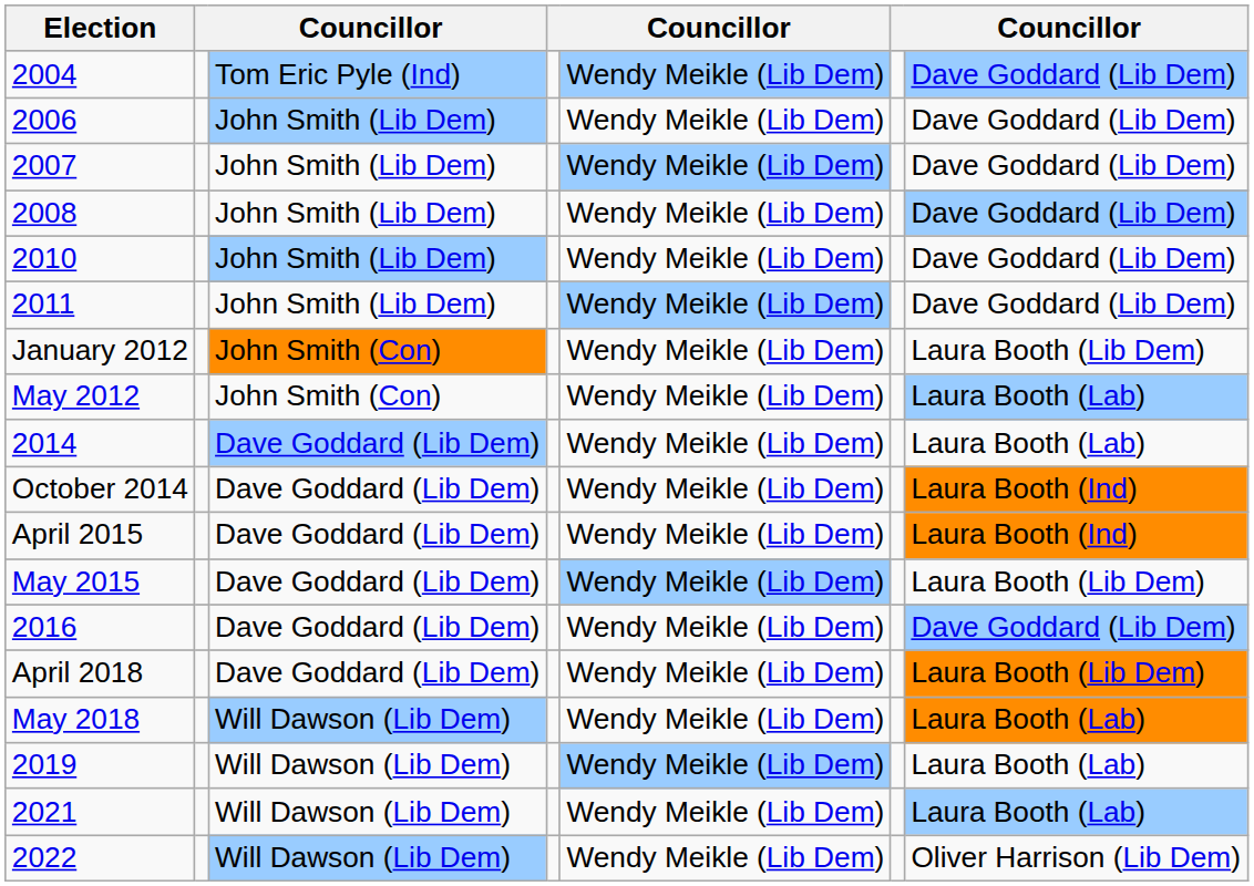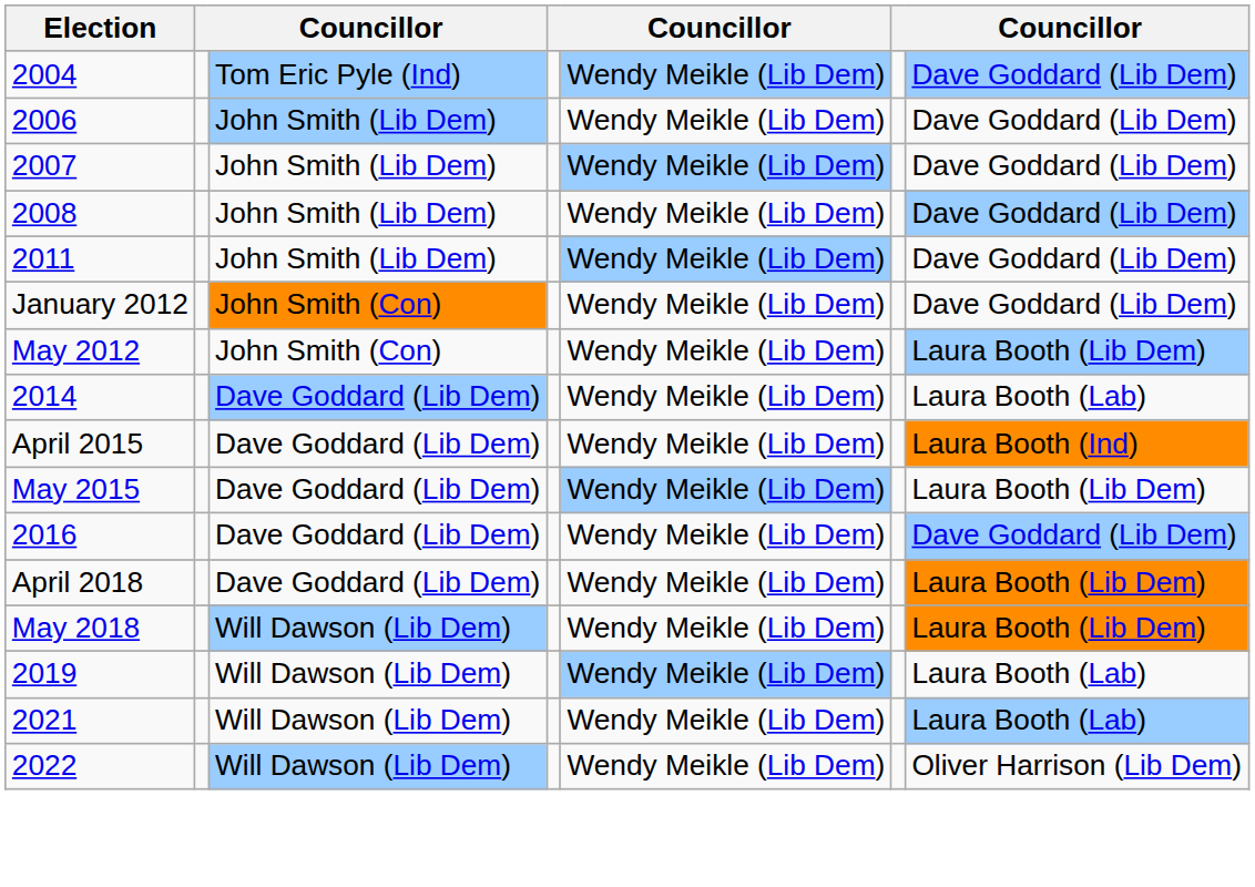 <table class="wikitable">
 <tr>
 <th>Election</th>
 <th colspan="2">Councillor</th>
 <th colspan="2">Councillor</th>
 <th colspan="2">Councillor</th>
 </tr>
 <tr>
 <td><a href='#'>2004</a></td>
 <td style="background-color: "></td>
 <td bgcolor="#99CCFF">Tom Eric Pyle (<a href='#'>Ind</a>)</td>
 <td style="background-color: "></td>
 <td bgcolor="#99CCFF">Wendy Meikle (<a href='#'>Lib Dem</a>)</td>
 <td style="background-color: "></td>
 <td bgcolor="#99CCFF"><a href='#'>Dave Goddard</a> (<a href='#'>Lib Dem</a>)</td>
 </tr>
 <tr>
 <td><a href='#'>2006</a></td>
 <td style="background-color: "></td>
 <td bgcolor="#99CCFF">John Smith (<a href='#'>Lib Dem</a>)</td>
 <td style="background-color: "></td>
 <td>Wendy Meikle (<a href='#'>Lib Dem</a>)</td>
 <td style="background-color: "></td>
 <td>Dave Goddard (<a href='#'>Lib Dem</a>)</td>
 </tr>
 <tr>
 <td><a href='#'>2007</a></td>
 <td style="background-color: "></td>
 <td>John Smith (<a href='#'>Lib Dem</a>)</td>
 <td style="background-color: "></td>
 <td bgcolor="#99CCFF">Wendy Meikle (<a href='#'>Lib Dem</a>)</td>
 <td style="background-color: "></td>
 <td>Dave Goddard (<a href='#'>Lib Dem</a>)</td>
 </tr>
 <tr>
 <td><a href='#'>2008</a></td>
 <td style="background-color: "></td>
 <td>John Smith (<a href='#'>Lib Dem</a>)</td>
 <td style="background-color: "></td>
 <td>Wendy Meikle (<a href='#'>Lib Dem</a>)</td>
 <td style="background-color: "></td>
 <td bgcolor="#99CCFF">Dave Goddard (<a href='#'>Lib Dem</a>)</td>
 </tr>
 <tr>
-<td><a href='#'>2010</a></td>
-<td style="background-color: "></td>
-<td bgcolor="#99CCFF">John Smith (<a href='#'>Lib Dem</a>)</td>
-<td style="background-color: "></td>
-<td>Wendy Meikle (<a href='#'>Lib Dem</a>)</td>
-<td style="background-color: "></td>
-<td>Dave Goddard (<a href='#'>Lib Dem</a>)</td>
-</tr>
-<tr>
 <td><a href='#'>2011</a></td>
 <td style="background-color: "></td>
 <td>John Smith (<a href='#'>Lib Dem</a>)</td>
 <td style="background-color: "></td>
 <td bgcolor="#99CCFF">Wendy Meikle (<a href='#'>Lib Dem</a>)</td>
 <td style="background-color: "></td>
 <td>Dave Goddard (<a href='#'>Lib Dem</a>)</td>
 </tr>
 <tr>
 <td>January 2012</td>
 <td style="background-color: "></td>
 <td bgcolor="#FF8C00">John Smith (<a href='#'>Con</a>)</td>
 <td style="background-color: "></td>
 <td>Wendy Meikle (<a href='#'>Lib Dem</a>)</td>
 <td style="background-color: "></td>
-<td>Laura Booth (<a href='#'>Lib Dem</a>)</td>
+<td>Dave Goddard (<a href='#'>Lib Dem</a>)</td>
 </tr>
 <tr>
 <td><a href='#'>May 2012</a></td>
 <td style="background-color: "></td>
 <td>John Smith (<a href='#'>Con</a>)</td>
 <td style="background-color: "></td>
 <td>Wendy Meikle (<a href='#'>Lib Dem</a>)</td>
 <td style="background-color: "></td>
-<td bgcolor="#99CCFF">Laura Booth (<a href='#'>Lab</a>)</td>
+<td bgcolor="#99CCFF">Laura Booth (<a href='#'>Lib Dem</a>)</td>
 </tr>
 <tr>
 <td><a href='#'>2014</a></td>
 <td style="background-color: "></td>
 <td bgcolor="#99CCFF"><a href='#'>Dave Goddard</a> (<a href='#'>Lib Dem</a>)</td>
 <td style="background-color: "></td>
 <td>Wendy Meikle (<a href='#'>Lib Dem</a>)</td>
 <td style="background-color: "></td>
 <td>Laura Booth (<a href='#'>Lab</a>)</td>
-</tr>
-<tr>
-<td>October 2014</td>
-<td style="background-color: "></td>
-<td>Dave Goddard (<a href='#'>Lib Dem</a>)</td>
-<td style="background-color: "></td>
-<td>Wendy Meikle (<a href='#'>Lib Dem</a>)</td>
-<td style="background-color: "></td>
-<td bgcolor="#FF8C00">Laura Booth (<a href='#'>Ind</a>)</td>
 </tr>
 <tr>
 <td>April 2015</td>
 <td style="background-color: "></td>
 <td>Dave Goddard (<a href='#'>Lib Dem</a>)</td>
 <td style="background-color: "></td>
 <td>Wendy Meikle (<a href='#'>Lib Dem</a>)</td>
 <td style="background-color: "></td>
 <td bgcolor="#FF8C00">Laura Booth (<a href='#'>Ind</a>)</td>
 </tr>
 <tr>
 <td><a href='#'>May 2015</a></td>
 <td style="background-color: "></td>
 <td>Dave Goddard (<a href='#'>Lib Dem</a>)</td>
 <td style="background-color: "></td>
 <td bgcolor="#99CCFF">Wendy Meikle (<a href='#'>Lib Dem</a>)</td>
 <td style="background-color: "></td>
 <td>Laura Booth (<a href='#'>Lib Dem</a>)</td>
 </tr>
 <tr>
 <td><a href='#'>2016</a></td>
 <td style="background-color: "></td>
 <td>Dave Goddard (<a href='#'>Lib Dem</a>)</td>
 <td style="background-color: "></td>
 <td>Wendy Meikle (<a href='#'>Lib Dem</a>)</td>
 <td style="background-color: "></td>
 <td bgcolor="#99CCFF"><a href='#'>Dave Goddard</a> (<a href='#'>Lib Dem</a>)</td>
 </tr>
 <tr>
 <td>April 2018</td>
 <td style="background-color: "></td>
 <td>Dave Goddard (<a href='#'>Lib Dem</a>)</td>
 <td style="background-color: "></td>
 <td>Wendy Meikle (<a href='#'>Lib Dem</a>)</td>
 <td style="background-color: "></td>
 <td bgcolor="#FF8C00">Laura Booth (<a href='#'>Lib Dem</a>)</td>
 </tr>
 <tr>
 <td><a href='#'>May 2018</a></td>
 <td style="background-color: "></td>
 <td bgcolor="#99CCFF">Will Dawson (<a href='#'>Lib Dem</a>)</td>
 <td style="background-color: "></td>
 <td>Wendy Meikle (<a href='#'>Lib Dem</a>)</td>
 <td style="background-color: "></td>
-<td bgcolor="#FF8C00">Laura Booth (<a href='#'>Lab</a>)</td>
+<td bgcolor="#FF8C00">Laura Booth (<a href='#'>Lib Dem</a>)</td>
 </tr>
 <tr>
 <td><a href='#'>2019</a></td>
 <td style="background-color: "></td>
 <td>Will Dawson (<a href='#'>Lib Dem</a>)</td>
 <td style="background-color: "></td>
 <td bgcolor="#99CCFF">Wendy Meikle (<a href='#'>Lib Dem</a>)</td>
 <td style="background-color: "></td>
 <td>Laura Booth (<a href='#'>Lab</a>)</td>
 </tr>
 <tr>
 <td><a href='#'>2021</a></td>
 <td style="background-color: "></td>
 <td>Will Dawson (<a href='#'>Lib Dem</a>)</td>
 <td style="background-color: "></td>
 <td>Wendy Meikle (<a href='#'>Lib Dem</a>)</td>
 <td style="background-color: "></td>
 <td bgcolor="#99CCFF">Laura Booth (<a href='#'>Lab</a>)</td>
 </tr>
 <tr>
 <td><a href='#'>2022</a></td>
 <td style="background-color: "></td>
 <td bgcolor="#99CCFF">Will Dawson (<a href='#'>Lib Dem</a>)</td>
 <td style="background-color: "></td>
 <td>Wendy Meikle (<a href='#'>Lib Dem</a>)</td>
 <td style="background-color: "></td>
 <td>Oliver Harrison (<a href='#'>Lib Dem</a>)</td>
 </tr>
 </table>
